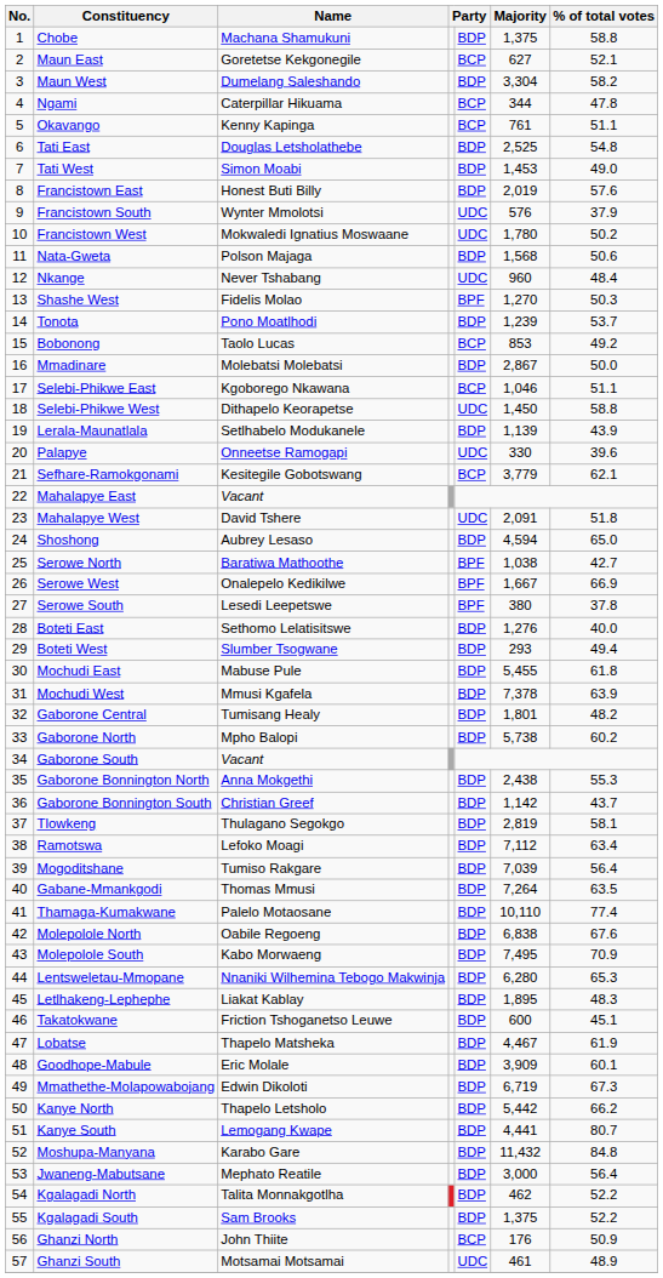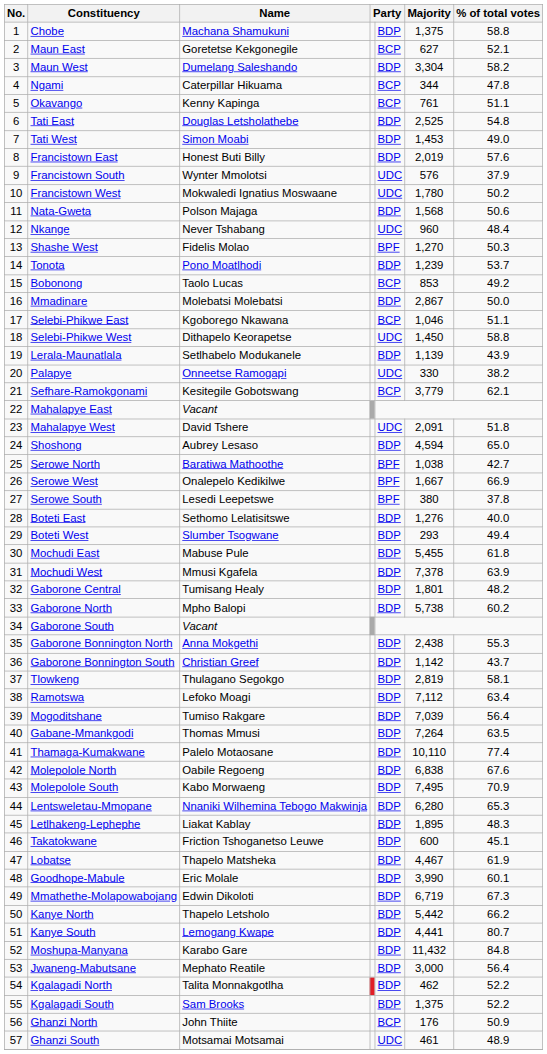 <table class="wikitable sortable">
 <tr>
 <th class="unsortable">No.</th>
 <th>Constituency</th>
 <th>Name</th>
 <th colspan=2>Party</th>
 <th data-sort-type="number">Majority</th>
 <th data-sort-type="number">% of total votes</th>
 </tr>
 <tr>
 <td align="center">1</td>
 <td><a href='#'>Chobe</a></td>
 <td><a href='#'>Machana Shamukuni</a></td>
 <td style="background:"></td>
 <td><a href='#'>BDP</a></td>
 <td align="center">1,375</td>
 <td align="center">58.8</td>
 </tr>
 <tr>
 <td align="center">2</td>
 <td><a href='#'>Maun East</a></td>
 <td>Goretetse Kekgonegile</td>
 <td style="background:"></td>
 <td><a href='#'>BCP</a></td>
 <td align="center">627</td>
 <td align="center">52.1</td>
 </tr>
 <tr>
 <td align="center">3</td>
 <td><a href='#'>Maun West</a></td>
 <td><a href='#'>Dumelang Saleshando</a></td>
 <td style="background:"></td>
 <td><a href='#'>BDP</a></td>
 <td align="center">3,304</td>
 <td align="center">58.2</td>
 </tr>
 <tr>
 <td align="center">4</td>
 <td><a href='#'>Ngami</a></td>
 <td>Caterpillar Hikuama</td>
 <td style="background:"></td>
 <td><a href='#'>BCP</a></td>
 <td align="center">344</td>
 <td align="center">47.8</td>
 </tr>
 <tr>
 <td align="center">5</td>
 <td><a href='#'>Okavango</a></td>
 <td>Kenny Kapinga</td>
 <td style="background:"></td>
 <td><a href='#'>BCP</a></td>
 <td align="center">761</td>
 <td align="center">51.1</td>
 </tr>
 <tr>
 <td align="center">6</td>
 <td><a href='#'>Tati East</a></td>
 <td><a href='#'>Douglas Letsholathebe</a></td>
 <td style="background:"></td>
 <td><a href='#'>BDP</a></td>
 <td align="center">2,525</td>
 <td align="center">54.8</td>
 </tr>
 <tr>
 <td align="center">7</td>
 <td><a href='#'>Tati West</a></td>
 <td><a href='#'>Simon Moabi</a></td>
 <td style="background:"></td>
 <td><a href='#'>BDP</a></td>
 <td align="center">1,453</td>
 <td align="center">49.0</td>
 </tr>
 <tr>
 <td align="center">8</td>
 <td><a href='#'>Francistown East</a></td>
 <td>Honest Buti Billy</td>
 <td style="background:"></td>
 <td><a href='#'>BDP</a></td>
 <td align="center">2,019</td>
 <td align="center">57.6</td>
 </tr>
 <tr>
 <td align="center">9</td>
 <td><a href='#'>Francistown South</a></td>
 <td>Wynter Mmolotsi</td>
 <td style="background:"></td>
 <td><a href='#'>UDC</a></td>
 <td align="center">576</td>
 <td align="center">37.9</td>
 </tr>
 <tr>
 <td align="center">10</td>
 <td><a href='#'>Francistown West</a></td>
 <td>Mokwaledi Ignatius Moswaane</td>
 <td style="background:"></td>
 <td><a href='#'>UDC</a></td>
 <td align="center">1,780</td>
 <td align="center">50.2</td>
 </tr>
 <tr>
 <td align="center">11</td>
 <td><a href='#'>Nata-Gweta</a></td>
 <td>Polson Majaga</td>
 <td style="background:"></td>
 <td><a href='#'>BDP</a></td>
 <td align="center">1,568</td>
 <td align="center">50.6</td>
 </tr>
 <tr>
 <td align="center">12</td>
 <td><a href='#'>Nkange</a></td>
 <td>Never Tshabang</td>
 <td style="background:"></td>
 <td><a href='#'>UDC</a></td>
 <td align="center">960</td>
 <td align="center">48.4</td>
 </tr>
 <tr>
 <td align="center">13</td>
 <td><a href='#'>Shashe West</a></td>
 <td>Fidelis Molao</td>
 <td style="background:"></td>
 <td><a href='#'>BPF</a></td>
 <td align="center">1,270</td>
 <td align="center">50.3</td>
 </tr>
 <tr>
 <td align="center">14</td>
 <td><a href='#'>Tonota</a></td>
 <td><a href='#'>Pono Moatlhodi</a></td>
 <td style="background:"></td>
 <td><a href='#'>BDP</a></td>
 <td align="center">1,239</td>
 <td align="center">53.7</td>
 </tr>
 <tr>
 <td align="center">15</td>
 <td><a href='#'>Bobonong</a></td>
 <td>Taolo Lucas</td>
 <td style="background:"></td>
 <td><a href='#'>BCP</a></td>
 <td align="center">853</td>
 <td align="center">49.2</td>
 </tr>
 <tr>
 <td align="center">16</td>
 <td><a href='#'>Mmadinare</a></td>
 <td>Molebatsi Molebatsi</td>
 <td style="background:"></td>
 <td><a href='#'>BDP</a></td>
 <td align="center">2,867</td>
 <td align="center">50.0</td>
 </tr>
 <tr>
 <td align="center">17</td>
 <td><a href='#'>Selebi-Phikwe East</a></td>
 <td>Kgoborego Nkawana</td>
 <td style="background:"></td>
 <td><a href='#'>BCP</a></td>
 <td align="center">1,046</td>
 <td align="center">51.1</td>
 </tr>
 <tr>
 <td align="center">18</td>
 <td><a href='#'>Selebi-Phikwe West</a></td>
 <td>Dithapelo Keorapetse</td>
 <td style="background:"></td>
 <td><a href='#'>UDC</a></td>
 <td align="center">1,450</td>
 <td align="center">58.8</td>
 </tr>
 <tr>
 <td align="center">19</td>
 <td><a href='#'>Lerala-Maunatlala</a></td>
 <td>Setlhabelo Modukanele</td>
 <td style="background:"></td>
 <td><a href='#'>BDP</a></td>
 <td align="center">1,139</td>
 <td align="center">43.9</td>
 </tr>
 <tr>
 <td align="center">20</td>
 <td><a href='#'>Palapye</a></td>
 <td><a href='#'>Onneetse Ramogapi</a></td>
 <td style="background:"></td>
 <td><a href='#'>UDC</a></td>
 <td align="center">330</td>
-<td align="center">39.6</td>
+<td align="center">38.2</td>
 </tr>
 <tr>
 <td align="center">21</td>
 <td><a href='#'>Sefhare-Ramokgonami</a></td>
 <td>Kesitegile Gobotswang</td>
 <td style="background:"></td>
 <td><a href='#'>BCP</a></td>
 <td align="center">3,779</td>
 <td align="center">62.1</td>
 </tr>
 <tr>
 <td align="center">22</td>
 <td><a href='#'>Mahalapye East</a></td>
 <td><em>Vacant</em></td>
 <td style="background:#AAAAAA"></td>
 <td colspan="3"></td>
 </tr>
 <tr>
 <td align="center">23</td>
 <td><a href='#'>Mahalapye West</a></td>
 <td>David Tshere</td>
 <td style="background:"></td>
 <td><a href='#'>UDC</a></td>
 <td align="center">2,091</td>
 <td align="center">51.8</td>
 </tr>
 <tr>
 <td align="center">24</td>
 <td><a href='#'>Shoshong</a></td>
 <td>Aubrey Lesaso</td>
 <td style="background:"></td>
 <td><a href='#'>BDP</a></td>
 <td align="center">4,594</td>
 <td align="center">65.0</td>
 </tr>
 <tr>
 <td align="center">25</td>
 <td><a href='#'>Serowe North</a></td>
 <td><a href='#'>Baratiwa Mathoothe</a></td>
 <td style="background:"></td>
 <td><a href='#'>BPF</a></td>
 <td align="center">1,038</td>
 <td align="center">42.7</td>
 </tr>
 <tr>
 <td align="center">26</td>
 <td><a href='#'>Serowe West</a></td>
 <td>Onalepelo Kedikilwe</td>
 <td style="background:"></td>
 <td><a href='#'>BPF</a></td>
 <td align="center">1,667</td>
 <td align="center">66.9</td>
 </tr>
 <tr>
 <td align="center">27</td>
 <td><a href='#'>Serowe South</a></td>
 <td>Lesedi Leepetswe</td>
 <td style="background:"></td>
 <td><a href='#'>BPF</a></td>
 <td align="center">380</td>
 <td align="center">37.8</td>
 </tr>
 <tr>
 <td align="center">28</td>
 <td><a href='#'>Boteti East</a></td>
 <td>Sethomo Lelatisitswe</td>
 <td style="background:"></td>
 <td><a href='#'>BDP</a></td>
 <td align="center">1,276</td>
 <td align="center">40.0</td>
 </tr>
 <tr>
 <td align="center">29</td>
 <td><a href='#'>Boteti West</a></td>
 <td><a href='#'>Slumber Tsogwane</a></td>
 <td style="background:"></td>
 <td><a href='#'>BDP</a></td>
 <td align="center">293</td>
 <td align="center">49.4</td>
 </tr>
 <tr>
 <td align="center">30</td>
 <td><a href='#'>Mochudi East</a></td>
 <td>Mabuse Pule</td>
 <td style="background:"></td>
 <td><a href='#'>BDP</a></td>
 <td align="center">5,455</td>
 <td align="center">61.8</td>
 </tr>
 <tr>
 <td align="center">31</td>
 <td><a href='#'>Mochudi West</a></td>
 <td>Mmusi Kgafela</td>
 <td style="background:"></td>
 <td><a href='#'>BDP</a></td>
 <td align="center">7,378</td>
 <td align="center">63.9</td>
 </tr>
 <tr>
 <td align="center">32</td>
 <td><a href='#'>Gaborone Central</a></td>
 <td>Tumisang Healy</td>
 <td style="background:"></td>
 <td><a href='#'>BDP</a></td>
 <td align="center">1,801</td>
 <td align="center">48.2</td>
 </tr>
 <tr>
 <td align="center">33</td>
 <td><a href='#'>Gaborone North</a></td>
 <td>Mpho Balopi</td>
 <td style="background:"></td>
 <td><a href='#'>BDP</a></td>
 <td align="center">5,738</td>
 <td align="center">60.2</td>
 </tr>
 <tr>
 <td align="center">34</td>
 <td><a href='#'>Gaborone South</a></td>
 <td><em>Vacant</em></td>
 <td style="background:#AAAAAA"></td>
 <td colspan="3"></td>
 </tr>
 <tr>
 <td align="center">35</td>
 <td><a href='#'>Gaborone Bonnington North</a></td>
 <td><a href='#'>Anna Mokgethi</a></td>
 <td style="background:"></td>
 <td><a href='#'>BDP</a></td>
 <td align="center">2,438</td>
 <td align="center">55.3</td>
 </tr>
 <tr>
 <td align="center">36</td>
 <td><a href='#'>Gaborone Bonnington South</a></td>
 <td><a href='#'>Christian Greef</a></td>
 <td style="background:"></td>
 <td><a href='#'>BDP</a></td>
 <td align="center">1,142</td>
 <td align="center">43.7</td>
 </tr>
 <tr>
 <td align="center">37</td>
 <td><a href='#'>Tlowkeng</a></td>
 <td>Thulagano Segokgo</td>
 <td style="background:"></td>
 <td><a href='#'>BDP</a></td>
 <td align="center">2,819</td>
 <td align="center">58.1</td>
 </tr>
 <tr>
 <td align="center">38</td>
 <td><a href='#'>Ramotswa</a></td>
 <td>Lefoko Moagi</td>
 <td style="background:"></td>
 <td><a href='#'>BDP</a></td>
 <td align="center">7,112</td>
 <td align="center">63.4</td>
 </tr>
 <tr>
 <td align="center">39</td>
 <td><a href='#'>Mogoditshane</a></td>
 <td>Tumiso Rakgare</td>
 <td style="background:"></td>
 <td><a href='#'>BDP</a></td>
 <td align="center">7,039</td>
 <td align="center">56.4</td>
 </tr>
 <tr>
 <td align="center">40</td>
 <td><a href='#'>Gabane-Mmankgodi</a></td>
 <td>Thomas Mmusi</td>
 <td style="background:"></td>
 <td><a href='#'>BDP</a></td>
 <td align="center">7,264</td>
 <td align="center">63.5</td>
 </tr>
 <tr>
 <td align="center">41</td>
 <td><a href='#'>Thamaga-Kumakwane</a></td>
 <td>Palelo Motaosane</td>
 <td style="background:"></td>
 <td><a href='#'>BDP</a></td>
 <td align="center">10,110</td>
 <td align="center">77.4</td>
 </tr>
 <tr>
 <td align="center">42</td>
 <td><a href='#'>Molepolole North</a></td>
 <td>Oabile Regoeng</td>
 <td style="background:"></td>
 <td><a href='#'>BDP</a></td>
 <td align="center">6,838</td>
 <td align="center">67.6</td>
 </tr>
 <tr>
 <td align="center">43</td>
 <td><a href='#'>Molepolole South</a></td>
 <td>Kabo Morwaeng</td>
 <td style="background:"></td>
 <td><a href='#'>BDP</a></td>
 <td align="center">7,495</td>
 <td align="center">70.9</td>
 </tr>
 <tr>
 <td align="center">44</td>
 <td><a href='#'>Lentsweletau-Mmopane</a></td>
 <td><a href='#'>Nnaniki Wilhemina Tebogo Makwinja</a></td>
 <td style="background:"></td>
 <td><a href='#'>BDP</a></td>
 <td align="center">6,280</td>
 <td align="center">65.3</td>
 </tr>
 <tr>
 <td align="center">45</td>
 <td><a href='#'>Letlhakeng-Lephephe</a></td>
 <td>Liakat Kablay</td>
 <td style="background:"></td>
 <td><a href='#'>BDP</a></td>
 <td align="center">1,895</td>
 <td align="center">48.3</td>
 </tr>
 <tr>
 <td align="center">46</td>
 <td><a href='#'>Takatokwane</a></td>
 <td>Friction Tshoganetso Leuwe</td>
 <td style="background:"></td>
 <td><a href='#'>BDP</a></td>
 <td align="center">600</td>
 <td align="center">45.1</td>
 </tr>
 <tr>
 <td align="center">47</td>
 <td><a href='#'>Lobatse</a></td>
 <td>Thapelo Matsheka</td>
 <td style="background:"></td>
 <td><a href='#'>BDP</a></td>
 <td align="center">4,467</td>
 <td align="center">61.9</td>
 </tr>
 <tr>
 <td align="center">48</td>
 <td><a href='#'>Goodhope-Mabule</a></td>
 <td>Eric Molale</td>
 <td style="background:"></td>
 <td><a href='#'>BDP</a></td>
-<td align="center">3,909</td>
+<td align="center">3,990</td>
 <td align="center">60.1</td>
 </tr>
 <tr>
 <td align="center">49</td>
 <td><a href='#'>Mmathethe-Molapowabojang</a></td>
 <td>Edwin Dikoloti</td>
 <td style="background:"></td>
 <td><a href='#'>BDP</a></td>
 <td align="center">6,719</td>
 <td align="center">67.3</td>
 </tr>
 <tr>
 <td align="center">50</td>
 <td><a href='#'>Kanye North</a></td>
 <td>Thapelo Letsholo</td>
 <td style="background:"></td>
 <td><a href='#'>BDP</a></td>
 <td align="center">5,442</td>
 <td align="center">66.2</td>
 </tr>
 <tr>
 <td align="center">51</td>
 <td><a href='#'>Kanye South</a></td>
 <td><a href='#'>Lemogang Kwape</a></td>
 <td style="background:"></td>
 <td><a href='#'>BDP</a></td>
 <td align="center">4,441</td>
 <td align="center">80.7</td>
 </tr>
 <tr>
 <td align="center">52</td>
 <td><a href='#'>Moshupa-Manyana</a></td>
 <td>Karabo Gare</td>
 <td style="background:"></td>
 <td><a href='#'>BDP</a></td>
 <td align="center">11,432</td>
 <td align="center">84.8</td>
 </tr>
 <tr>
 <td align="center">53</td>
 <td><a href='#'>Jwaneng-Mabutsane</a></td>
 <td>Mephato Reatile</td>
 <td style="background:"></td>
 <td><a href='#'>BDP</a></td>
 <td align="center">3,000</td>
 <td align="center">56.4</td>
 </tr>
 <tr>
 <td align="center">54</td>
 <td><a href='#'>Kgalagadi North</a></td>
 <td>Talita Monnakgotlha</td>
 <td style="background:#E11E26"></td>
 <td><a href='#'>BDP</a></td>
 <td align="center">462</td>
 <td align="center">52.2</td>
 </tr>
 <tr>
 <td align="center">55</td>
 <td><a href='#'>Kgalagadi South</a></td>
 <td><a href='#'>Sam Brooks</a></td>
 <td style="background:"></td>
 <td><a href='#'>BDP</a></td>
 <td align="center">1,375</td>
 <td align="center">52.2</td>
 </tr>
 <tr>
 <td align="center">56</td>
 <td><a href='#'>Ghanzi North</a></td>
 <td>John Thiite</td>
 <td style="background:"></td>
 <td><a href='#'>BCP</a></td>
 <td align="center">176</td>
 <td align="center">50.9</td>
 </tr>
 <tr>
 <td align="center">57</td>
 <td><a href='#'>Ghanzi South</a></td>
 <td>Motsamai Motsamai</td>
 <td style="background:"></td>
 <td><a href='#'>UDC</a></td>
 <td align="center">461</td>
 <td align="center">48.9</td>
 </tr>
 <tr>
 </tr>
 </table>
